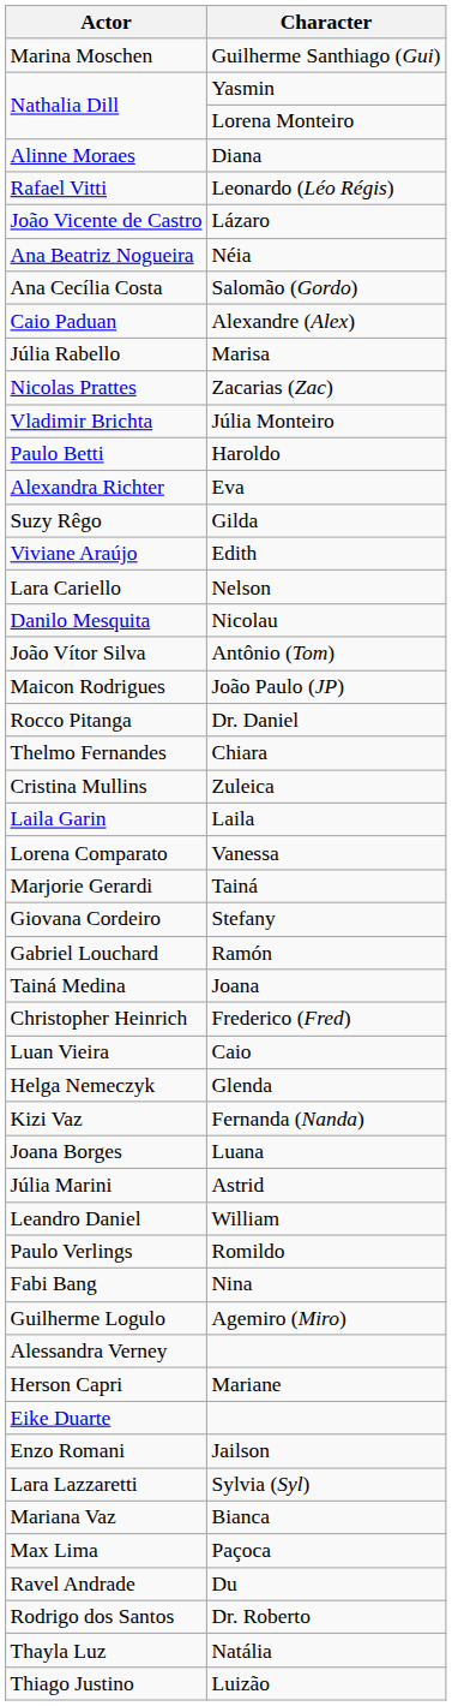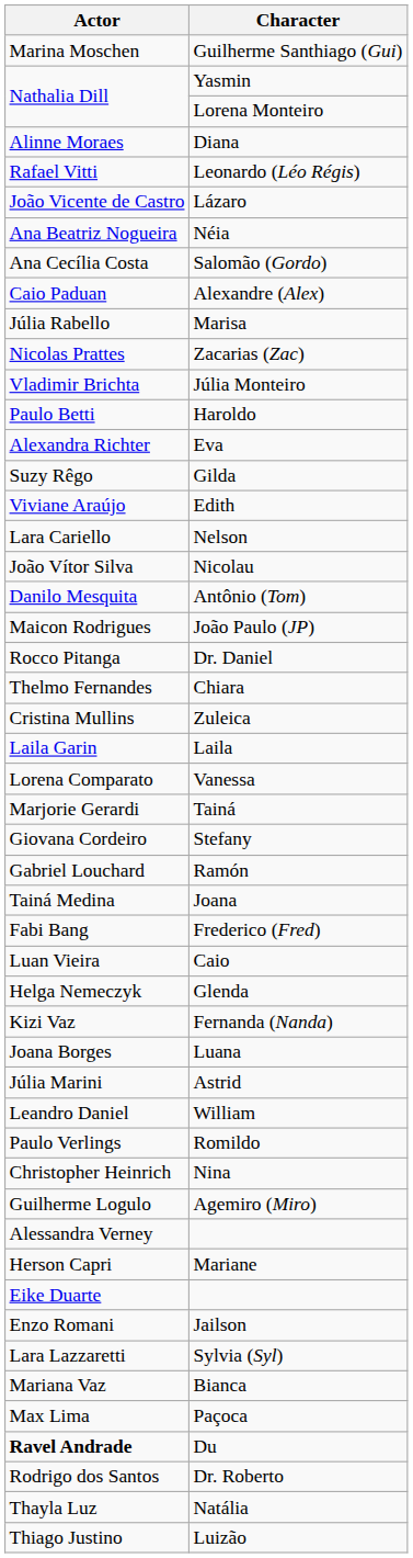 <table class="wikitable sortable">
 <tr>
 <th>Actor</th>
 <th>Character</th>
 </tr>
 <tr>
 <td>Marina Moschen</td>
 <td>Guilherme Santhiago (<em>Gui</em>)</td>
 </tr>
 <tr>
 <td rowspan="2"><a href='#'>Nathalia Dill</a></td>
 <td>Yasmin</td>
 </tr>
 <tr>
 <td>Lorena Monteiro</td>
 </tr>
 <tr>
 <td><a href='#'>Alinne Moraes</a></td>
 <td>Diana</td>
 </tr>
 <tr>
 <td><a href='#'>Rafael Vitti</a></td>
 <td>Leonardo (<em>Léo Régis</em>)</td>
 </tr>
 <tr>
 <td><a href='#'>João Vicente de Castro</a></td>
 <td>Lázaro</td>
 </tr>
 <tr>
 <td><a href='#'>Ana Beatriz Nogueira</a></td>
 <td>Néia</td>
 </tr>
 <tr>
 <td>Ana Cecília Costa</td>
 <td>Salomão (<em>Gordo</em>)</td>
 </tr>
 <tr>
 <td><a href='#'>Caio Paduan</a></td>
 <td>Alexandre (<em>Alex</em>)</td>
 </tr>
 <tr>
 <td>Júlia Rabello</td>
 <td>Marisa</td>
 </tr>
 <tr>
 <td><a href='#'>Nicolas Prattes</a></td>
 <td>Zacarias (<em>Zac</em>)</td>
 </tr>
 <tr>
 <td><a href='#'>Vladimir Brichta</a></td>
 <td>Júlia Monteiro</td>
 </tr>
 <tr>
 <td><a href='#'>Paulo Betti</a></td>
 <td>Haroldo</td>
 </tr>
 <tr>
 <td><a href='#'>Alexandra Richter</a></td>
 <td>Eva</td>
 </tr>
 <tr>
 <td>Suzy Rêgo</td>
 <td>Gilda</td>
 </tr>
 <tr>
 <td><a href='#'>Viviane Araújo</a></td>
 <td>Edith</td>
 </tr>
 <tr>
 <td>Lara Cariello</td>
 <td>Nelson</td>
 </tr>
 <tr>
-<td><a href='#'>Danilo Mesquita</a></td>
+<td>João Vítor Silva</td>
 <td>Nicolau</td>
 </tr>
 <tr>
-<td>João Vítor Silva</td>
+<td><a href='#'>Danilo Mesquita</a></td>
 <td>Antônio (<em>Tom</em>)</td>
 </tr>
 <tr>
 <td>Maicon Rodrigues</td>
 <td>João Paulo (<em>JP</em>)</td>
 </tr>
 <tr>
 <td>Rocco Pitanga</td>
 <td>Dr. Daniel</td>
 </tr>
 <tr>
 <td>Thelmo Fernandes</td>
 <td>Chiara</td>
 </tr>
 <tr>
 <td>Cristina Mullins</td>
 <td>Zuleica</td>
 </tr>
 <tr>
 <td><a href='#'>Laila Garin</a></td>
 <td>Laila</td>
 </tr>
 <tr>
 <td>Lorena Comparato</td>
 <td>Vanessa</td>
 </tr>
 <tr>
 <td>Marjorie Gerardi</td>
 <td>Tainá</td>
 </tr>
 <tr>
 <td>Giovana Cordeiro</td>
 <td>Stefany</td>
 </tr>
 <tr>
 <td>Gabriel Louchard</td>
 <td>Ramón</td>
 </tr>
 <tr>
 <td>Tainá Medina</td>
 <td>Joana</td>
 </tr>
 <tr>
-<td>Christopher Heinrich</td>
+<td>Fabi Bang</td>
 <td>Frederico (<em>Fred</em>)</td>
 </tr>
 <tr>
 <td>Luan Vieira</td>
 <td>Caio</td>
 </tr>
 <tr>
 <td>Helga Nemeczyk</td>
 <td>Glenda</td>
 </tr>
 <tr>
 <td>Kizi Vaz</td>
 <td>Fernanda (<em>Nanda</em>)</td>
 </tr>
 <tr>
 <td>Joana Borges</td>
 <td>Luana</td>
 </tr>
 <tr>
 <td>Júlia Marini</td>
 <td>Astrid</td>
 </tr>
 <tr>
 <td>Leandro Daniel</td>
 <td>William</td>
 </tr>
 <tr>
 <td>Paulo Verlings</td>
 <td>Romildo</td>
 </tr>
 <tr>
-<td>Fabi Bang</td>
+<td>Christopher Heinrich</td>
 <td>Nina</td>
 </tr>
 <tr>
 <td>Guilherme Logulo</td>
 <td>Agemiro (<em>Miro</em>)</td>
 </tr>
 <tr>
 <td>Alessandra Verney</td>
 <td></td>
 </tr>
 <tr>
 <td>Herson Capri</td>
 <td>Mariane</td>
 </tr>
 <tr>
 <td><a href='#'>Eike Duarte</a></td>
 <td></td>
 </tr>
 <tr>
 <td>Enzo Romani</td>
 <td>Jailson</td>
 </tr>
 <tr>
 <td>Lara Lazzaretti</td>
 <td>Sylvia (<em>Syl</em>)</td>
 </tr>
 <tr>
 <td>Mariana Vaz</td>
 <td>Bianca</td>
 </tr>
 <tr>
 <td>Max Lima</td>
 <td>Paçoca</td>
 </tr>
 <tr>
-<td>Ravel Andrade</td>
+<td><strong>Ravel Andrade</strong></td>
 <td>Du</td>
 </tr>
 <tr>
 <td>Rodrigo dos Santos</td>
 <td>Dr. Roberto</td>
 </tr>
 <tr>
 <td>Thayla Luz</td>
 <td>Natália</td>
 </tr>
 <tr>
 <td>Thiago Justino</td>
 <td>Luizão</td>
 </tr>
 </table>
